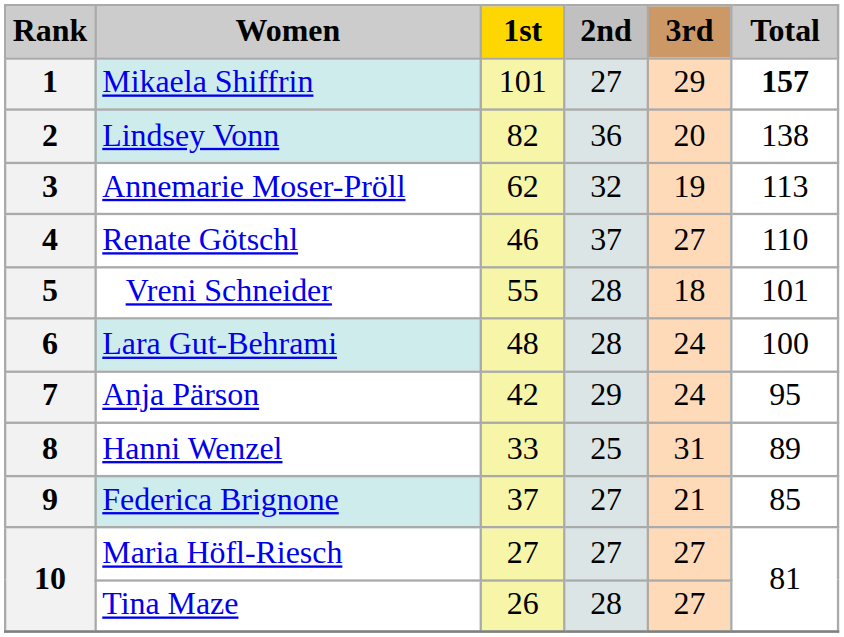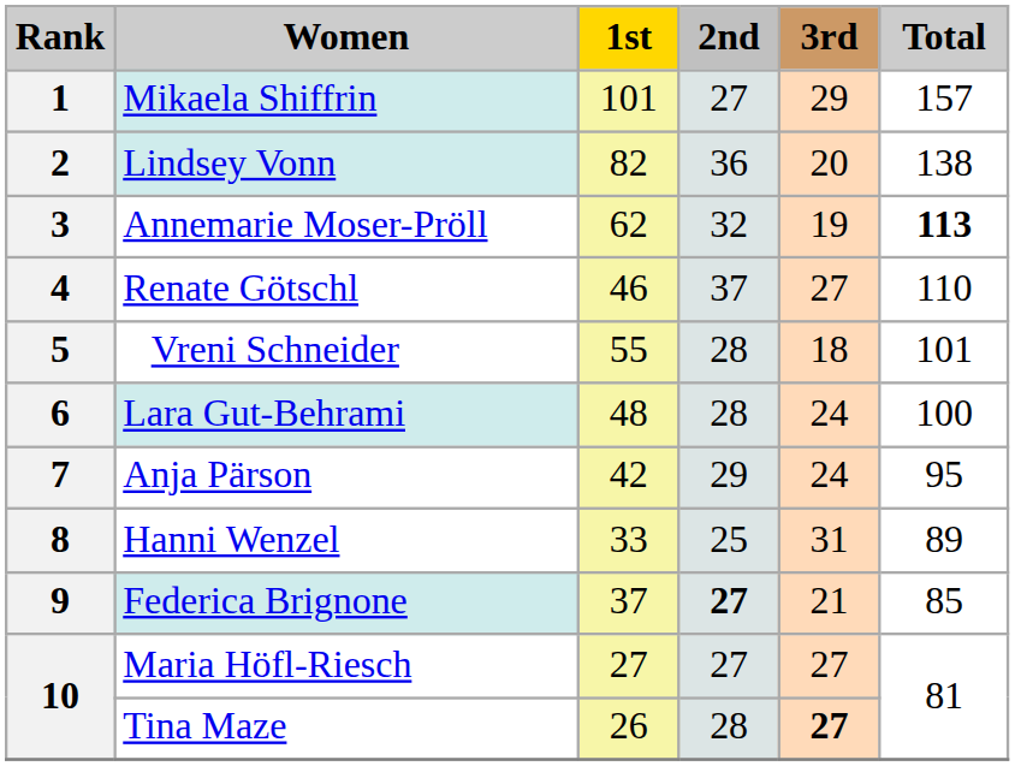 <table class="wikitable plainrowheaders" style="background:#fff; font-size:86%; line-height:16px; border:grey solid 1px; border-collapse:collapse">
 <tr>
 <th style="background-color: #ccc;" width="30">Rank</th>
 <th style="background-color: #ccc;" width="160">Women</th>
 <th style="background:gold; width:10%">1st</th>
 <th style="background-color: #C0C0C0" width="10%">2nd</th>
 <th style="background-color: #cc9966;" width="10%">3rd</th>
 <th style="background-color: #ccc;" width="40">Total</th>
 </tr>
 <tr align="center">
 <th>1</th>
 <td align=left bgcolor=CFECEC> <a href='#'>Mikaela Shiffrin</a></td>
 <td style="background:#F7F6A8;">101</td>
 <td style="background:#DCE5E5;">27</td>
 <td style="background:#FFDAB9;">29</td>
-<td align="center"><strong>157</strong></td>
+<td align="center">157</td>
 </tr>
 <tr align=center>
 <th>2</th>
 <td align=left bgcolor=CFECEC> <a href='#'>Lindsey Vonn</a></td>
 <td style="background:#F7F6A8;">82</td>
 <td style="background:#DCE5E5;">36</td>
 <td style="background:#FFDAB9;">20</td>
 <td align="center">138</td>
 </tr>
 <tr align=center>
 <th>3</th>
 <td align=left> <a href='#'>Annemarie Moser-Pröll</a></td>
 <td style="background:#F7F6A8;">62</td>
 <td style="background:#DCE5E5;">32</td>
 <td style="background:#FFDAB9;">19</td>
-<td align="center">113</td>
+<td align="center"><strong>113</strong></td>
 </tr>
 <tr align=center>
 <th>4</th>
 <td align=left> <a href='#'>Renate Götschl</a></td>
 <td style="background:#F7F6A8;">46</td>
 <td style="background:#DCE5E5;">37</td>
 <td style="background:#FFDAB9;">27</td>
 <td align="center">110</td>
 </tr>
 <tr align=center>
 <th>5</th>
 <td align=left>   <a href='#'>Vreni Schneider</a></td>
 <td style="background:#F7F6A8;">55</td>
 <td style="background:#DCE5E5;">28</td>
 <td style="background:#FFDAB9;">18</td>
 <td align="center">101</td>
 </tr>
 <tr align=center>
 <th>6</th>
 <td align=left bgcolor=CFECEC> <a href='#'>Lara Gut-Behrami</a></td>
 <td style="background:#F7F6A8;">48</td>
 <td style="background:#DCE5E5;">28</td>
 <td style="background:#FFDAB9;">24</td>
 <td align="center">100</td>
 </tr>
 <tr align=center>
 <th>7</th>
 <td align=left> <a href='#'>Anja Pärson</a></td>
 <td style="background:#F7F6A8;">42</td>
 <td style="background:#DCE5E5;">29</td>
 <td style="background:#FFDAB9;">24</td>
 <td align="center">95</td>
 </tr>
 <tr align=center>
 <th>8</th>
 <td align=left> <a href='#'>Hanni Wenzel</a></td>
 <td style="background:#F7F6A8;">33</td>
 <td style="background:#DCE5E5;">25</td>
 <td style="background:#FFDAB9;">31</td>
 <td align="center">89</td>
 </tr>
 <tr align=center>
 <th>9</th>
 <td align=left bgcolor=CFECEC> <a href='#'>Federica Brignone</a></td>
 <td style="background:#F7F6A8;">37</td>
-<td style="background:#DCE5E5;">27</td>
+<td style="background:#DCE5E5;"><strong>27</strong></td>
 <td style="background:#FFDAB9;">21</td>
 <td align="center">85</td>
 </tr>
 <tr align=center>
 <th rowspan=2>10</th>
 <td align=left> <a href='#'>Maria Höfl-Riesch</a></td>
 <td style="background:#F7F6A8;">27</td>
 <td style="background:#DCE5E5;">27</td>
 <td style="background:#FFDAB9;">27</td>
 <td rowspan=2>81</td>
 </tr>
 <tr align=center>
 <td align=left> <a href='#'>Tina Maze</a></td>
 <td style="background:#F7F6A8;">26</td>
 <td style="background:#DCE5E5;">28</td>
-<td style="background:#FFDAB9;">27</td>
+<td style="background:#FFDAB9;"><strong>27</strong></td>
 </tr>
 <tr align=center>
 </tr>
 </table>
